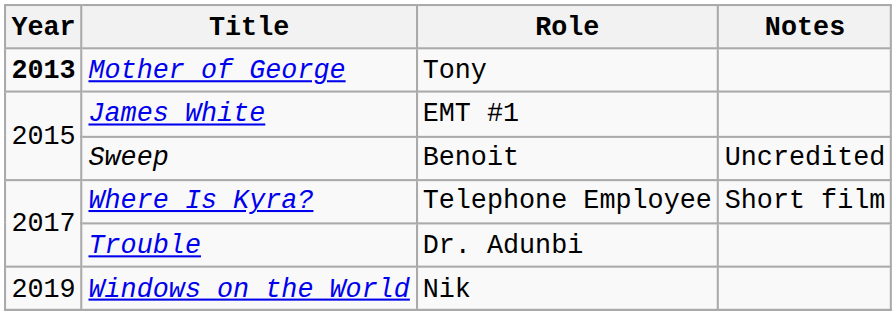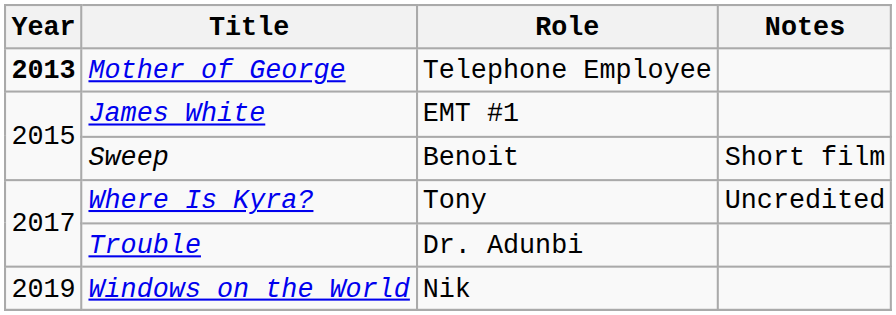 <table class="wikitable sortable">
 <tr>
 <th>Year</th>
 <th>Title</th>
 <th>Role</th>
 <th class="unsortable">Notes</th>
 </tr>
 <tr>
 <td><strong>2013</strong></td>
 <td><em><a href='#'>Mother of George</a></em></td>
-<td>Tony</td>
+<td>Telephone Employee</td>
 <td></td>
 </tr>
 <tr>
 <td rowspan="2">2015</td>
 <td><em><a href='#'>James White</a></em></td>
 <td>EMT #1</td>
 <td></td>
 </tr>
 <tr>
 <td><em>Sweep</em></td>
 <td>Benoit</td>
-<td>Uncredited</td>
+<td>Short film</td>
 </tr>
 <tr>
 <td rowspan="2">2017</td>
 <td><em><a href='#'>Where Is Kyra?</a></em></td>
-<td>Telephone Employee</td>
-<td>Short film</td>
+<td>Tony</td>
+<td>Uncredited</td>
 </tr>
 <tr>
 <td><em><a href='#'>Trouble</a></em></td>
 <td>Dr. Adunbi</td>
 <td></td>
 </tr>
 <tr>
 <td>2019</td>
 <td><em><a href='#'>Windows on the World</a></em></td>
 <td>Nik</td>
 <td></td>
 </tr>
 <tr>
 </tr>
 </table>
